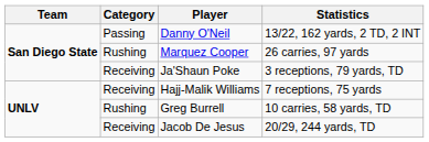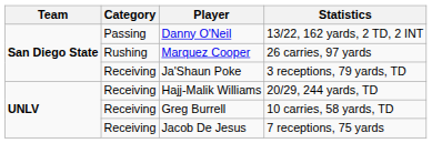 <table class="wikitable" style="float: right;">
 <tr>
 <th>Team</th>
 <th>Category</th>
 <th>Player</th>
 <th>Statistics</th>
 </tr>
 <tr>
 <td rowspan=3><strong>San Diego State</strong></td>
 <td>Passing</td>
 <td><a href='#'>Danny O'Neil</a></td>
 <td>13/22, 162 yards, 2 TD, 2 INT</td>
 </tr>
 <tr>
 <td>Rushing</td>
 <td><a href='#'>Marquez Cooper</a></td>
 <td>26 carries, 97 yards</td>
 </tr>
 <tr>
 <td>Receiving</td>
 <td>Ja'Shaun Poke</td>
 <td>3 receptions, 79 yards, TD</td>
 </tr>
 <tr>
 <td rowspan=3><strong>UNLV</strong></td>
 <td>Receiving</td>
 <td>Hajj-Malik Williams</td>
-<td>7 receptions, 75 yards</td>
+<td>20/29, 244 yards, TD</td>
 </tr>
 <tr>
-<td>Rushing</td>
+<td>Receiving</td>
 <td>Greg Burrell</td>
 <td>10 carries, 58 yards, TD</td>
 </tr>
 <tr>
 <td>Receiving</td>
 <td>Jacob De Jesus</td>
-<td>20/29, 244 yards, TD</td>
+<td>7 receptions, 75 yards</td>
 </tr>
 </table>
